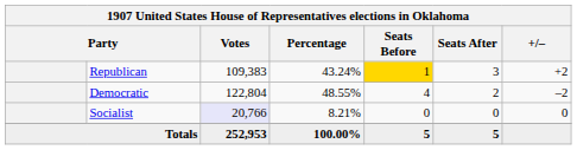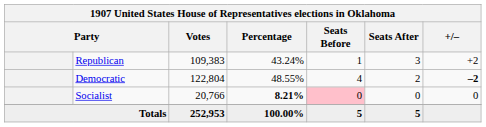 <table class="wikitable" style="font-size: 95%;">
 <tr>
 <th colspan="7">1907 United States House of Representatives elections in Oklahoma</th>
 </tr>
 <tr>
 <th colspan=2 style="width: 15em">Party</th>
 <th style="width: 5em">Votes</th>
 <th style="width: 7em">Percentage</th>
 <th style="width: 5em">Seats Before</th>
 <th style="width: 5em">Seats After</th>
 <th style="width: 5em">+/–</th>
 </tr>
 <tr>
 <th style="background-color:"></th>
 <td style="width: 130px"><a href='#'>Republican</a></td>
 <td align="right">109,383</td>
 <td align="right">43.24%</td>
-<td align="right" style="background: gold;">1</td>
+<td align="right">1</td>
 <td align="right">3</td>
 <td align="right">+2</td>
 </tr>
 <tr>
 <th style="background-color:"></th>
 <td style="width: 130px"><a href='#'>Democratic</a></td>
 <td align="right">122,804</td>
 <td align="right">48.55%</td>
 <td align="right">4</td>
 <td align="right">2</td>
-<td align="right">–2</td>
+<td align="right"><strong>–2</strong></td>
 </tr>
 <tr>
 <th style="background-color:"></th>
 <td style="width: 130px"><a href='#'>Socialist</a></td>
-<td align="right" style="background: lavender;">20,766</td>
-<td align="right">8.21%</td>
-<td align="right">0</td>
+<td align="right">20,766</td>
+<td align="right"><strong>8.21%</strong></td>
+<td align="right" style="background: pink;">0</td>
 <td align="right">0</td>
 <td align="right">0</td>
 </tr>
 <tr>
 </tr>
 <tr bgcolor="#EEEEEE">
 <td colspan="2" align="right"><strong>Totals</strong></td>
 <td align="right"><strong>252,953</strong></td>
 <td align="right"><strong>100.00%</strong></td>
 <td align="right"><strong>5</strong></td>
 <td align="right"><strong>5</strong></td>
 <td align="right"><strong></strong></td>
 </tr>
 </table>
